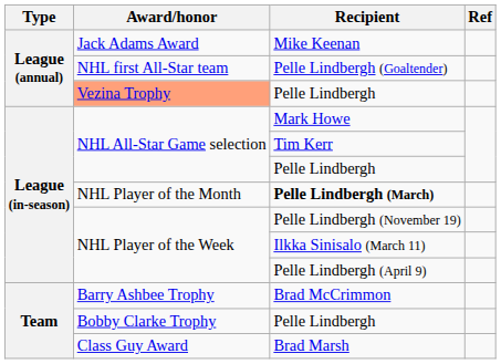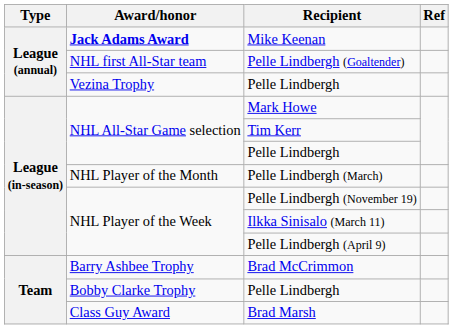 <table class="wikitable">
 <tr>
 <th scope="col">Type</th>
 <th scope="col">Award/honor</th>
 <th scope="col">Recipient</th>
 <th scope="col">Ref</th>
 </tr>
 <tr>
 <th scope="row" rowspan="3">League<br><small>(annual)</small></th>
-<td><a href='#'>Jack Adams Award</a></td>
+<td><strong><a href='#'>Jack Adams Award</a></strong></td>
 <td><a href='#'>Mike Keenan</a></td>
 <td></td>
 </tr>
 <tr>
 <td><a href='#'>NHL first All-Star team</a></td>
 <td><a href='#'>Pelle Lindbergh</a> <small>(<a href='#'>Goaltender</a>)</small></td>
 <td></td>
 </tr>
 <tr>
-<td style="background: lightsalmon;"><a href='#'>Vezina Trophy</a></td>
+<td><a href='#'>Vezina Trophy</a></td>
 <td>Pelle Lindbergh</td>
 <td></td>
 </tr>
 <tr>
 <th scope="row" rowspan="7">League<br><small>(in-season)</small></th>
 <td rowspan="3"><a href='#'>NHL All-Star Game</a> selection</td>
 <td><a href='#'>Mark Howe</a></td>
 <td rowspan="3"></td>
 </tr>
 <tr>
 <td><a href='#'>Tim Kerr</a></td>
 </tr>
 <tr>
 <td>Pelle Lindbergh</td>
 </tr>
 <tr>
 <td>NHL Player of the Month</td>
-<td><strong>Pelle Lindbergh <small>(March)</small></strong></td>
+<td>Pelle Lindbergh <small>(March)</small></td>
 <td></td>
 </tr>
 <tr>
 <td rowspan="3">NHL Player of the Week</td>
 <td>Pelle Lindbergh <small>(November 19)</small></td>
 <td></td>
 </tr>
 <tr>
 <td><a href='#'>Ilkka Sinisalo</a> <small>(March 11)</small></td>
 <td></td>
 </tr>
 <tr>
 <td>Pelle Lindbergh <small>(April 9)</small></td>
 <td></td>
 </tr>
 <tr>
 <th scope="row" rowspan="3">Team</th>
 <td><a href='#'>Barry Ashbee Trophy</a></td>
 <td><a href='#'>Brad McCrimmon</a></td>
 <td></td>
 </tr>
 <tr>
 <td><a href='#'>Bobby Clarke Trophy</a></td>
 <td>Pelle Lindbergh</td>
 <td></td>
 </tr>
 <tr>
 <td><a href='#'>Class Guy Award</a></td>
 <td><a href='#'>Brad Marsh</a></td>
 <td></td>
 </tr>
 </table>
